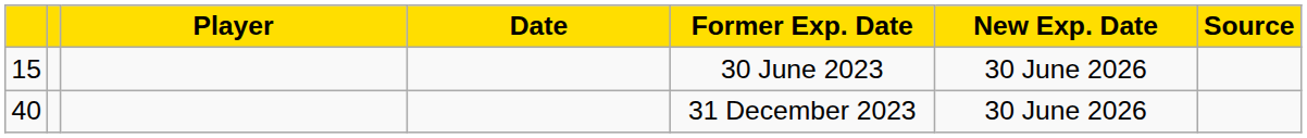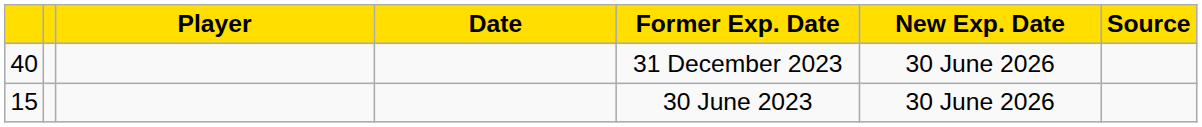 <table class="wikitable sortable">
 <tr>
 <th style="background:#FFDE00"></th>
 <th style="background:#FFDE00"></th>
 <th width=200 style="background:#FFDE00">Player</th>
 <th width=150 style="background:#FFDE00">Date</th>
 <th width=150 style="background:#FFDE00">Former Exp. Date</th>
 <th width=150 style="background:#FFDE00">New Exp. Date</th>
 <th style="background:#FFDE00">Source</th>
 </tr>
 <tr>
+<td align=center>40</td>
+<td align=center></td>
+<td></td>
+<td align=center></td>
+<td align=center>31 December 2023</td>
+<td align=center>30 June 2026</td>
+<td align=center></td>
+</tr>
+<tr>
 <td align=center>15</td>
 <td align=center></td>
 <td></td>
 <td align=center></td>
 <td align=center>30 June 2023</td>
 <td align=center>30 June 2026</td>
 <td align=center></td>
 </tr>
-<tr>
-<td align=center>40</td>
-<td align=center></td>
-<td></td>
-<td align=center></td>
-<td align=center>31 December 2023</td>
-<td align=center>30 June 2026</td>
-<td align=center></td>
-</tr>
 </table>
